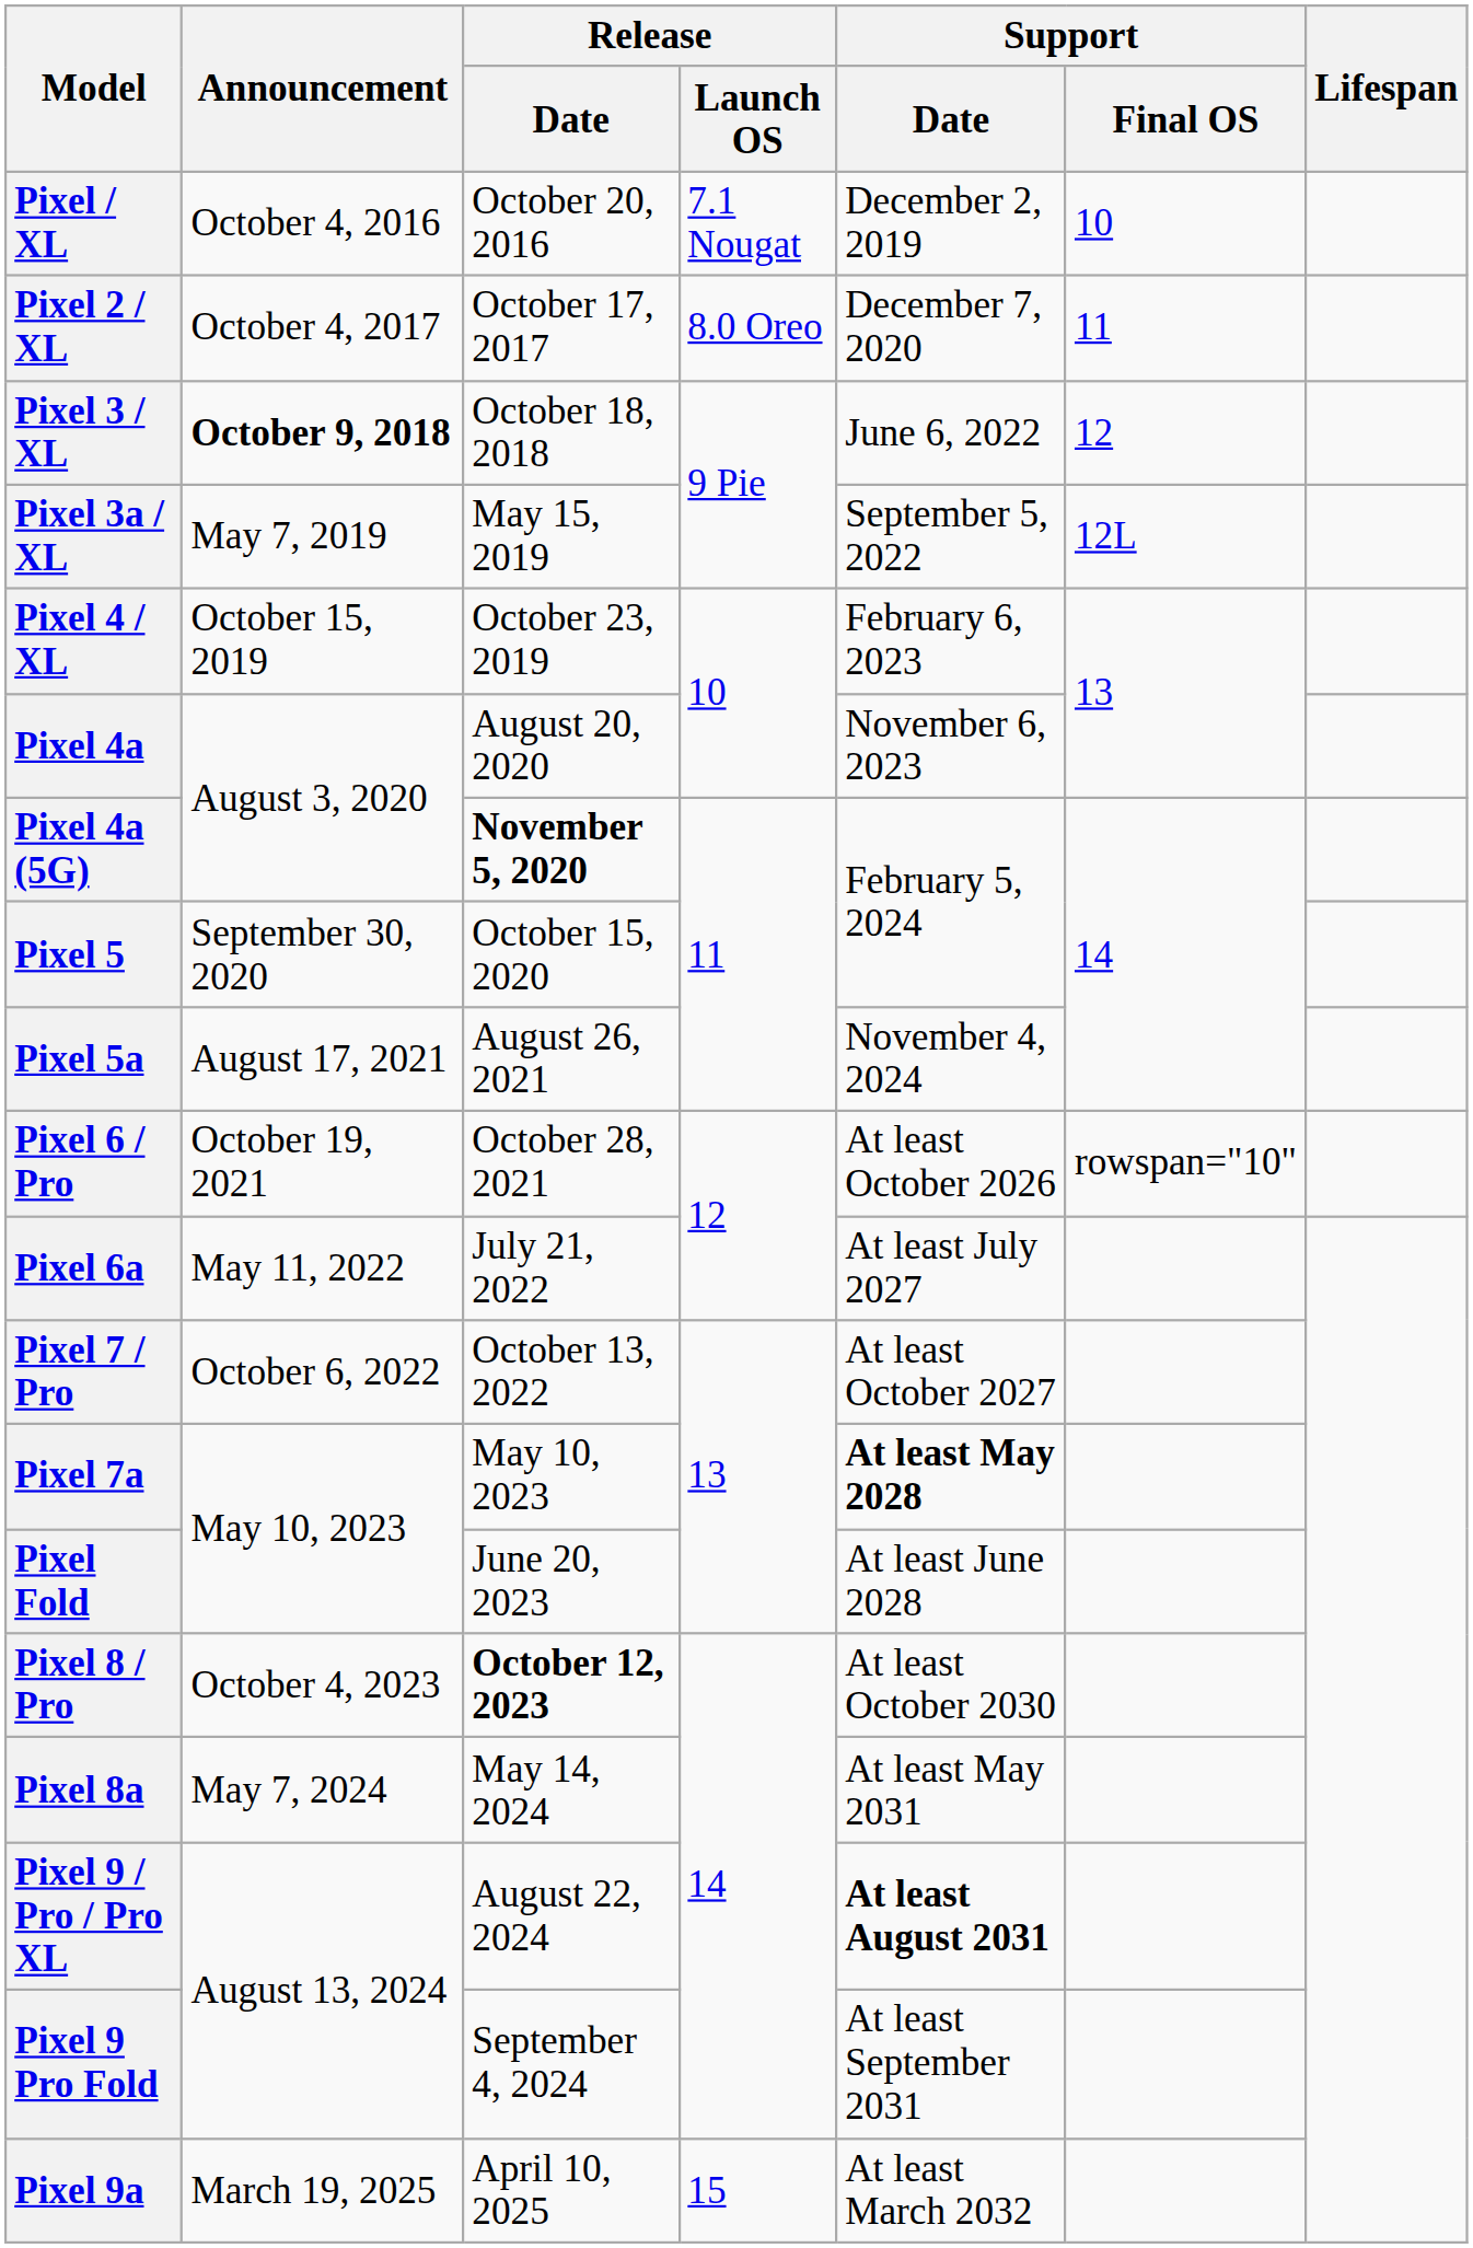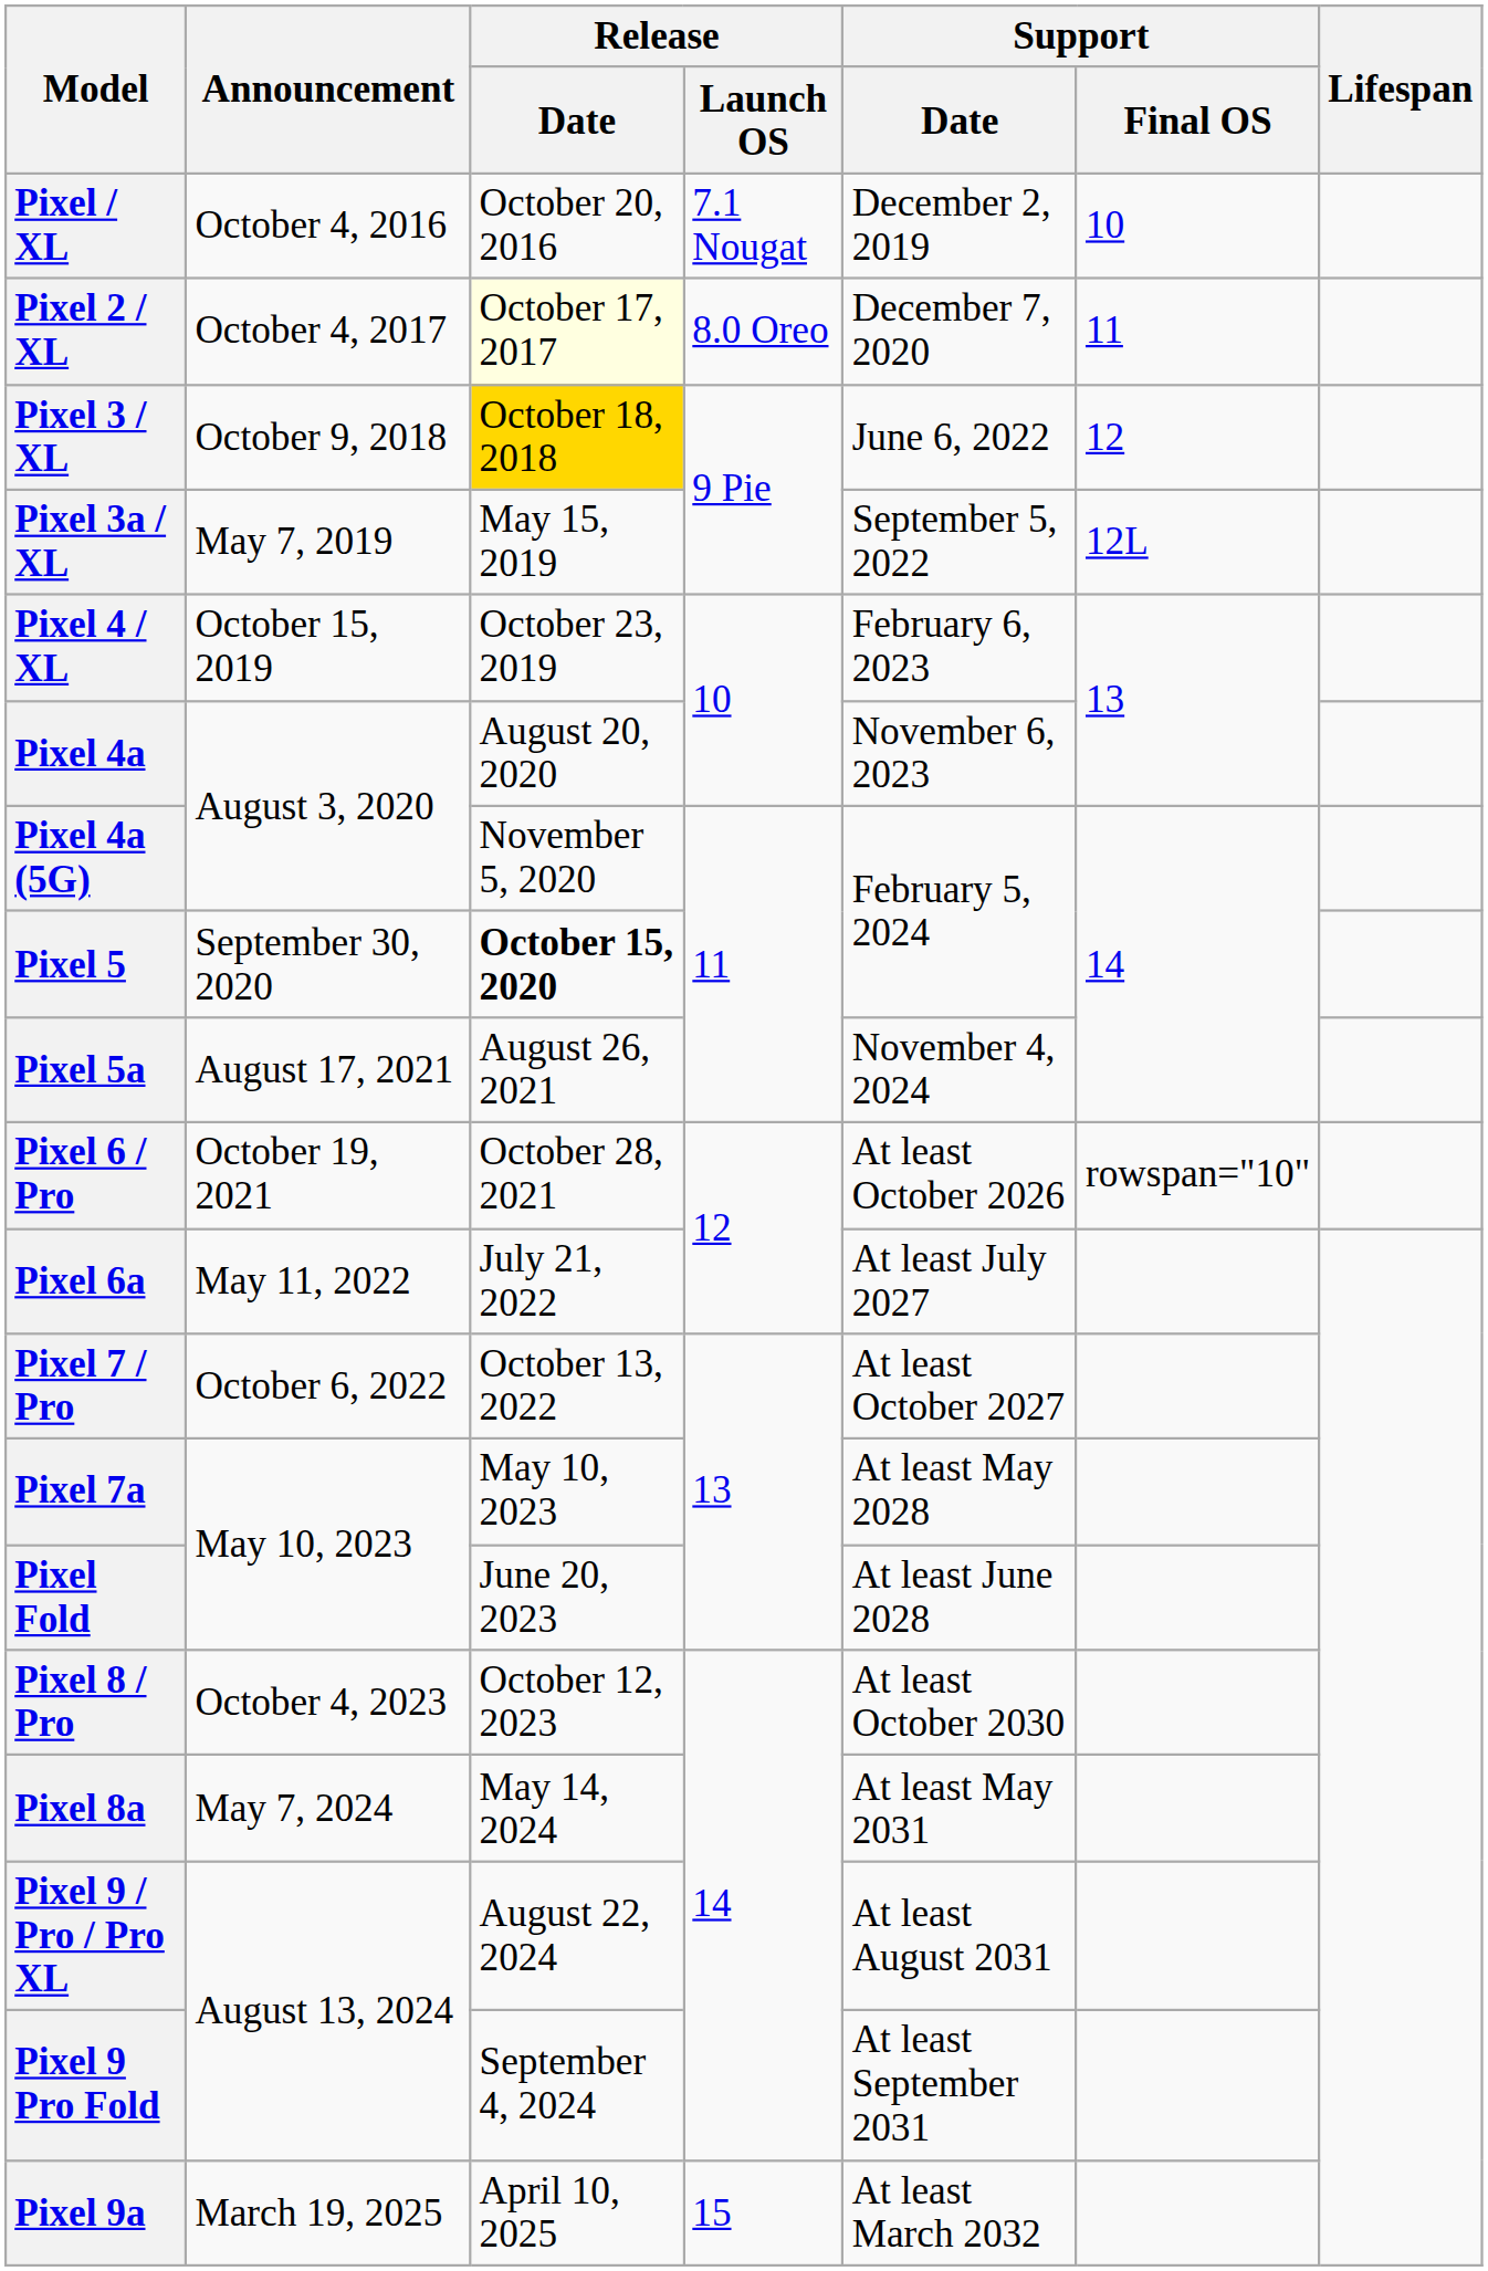 <table class="wikitable">
 <tr>
 <th rowspan="2">Model</th>
 <th rowspan="2">Announcement</th>
 <th colspan="2">Release</th>
 <th colspan="2">Support</th>
 <th rowspan="2">Lifespan</th>
 </tr>
 <tr>
 <th>Date</th>
 <th>Launch OS</th>
 <th>Date</th>
 <th>Final OS</th>
 </tr>
 <tr>
 <th style="text-align: left"><a href='#'>Pixel / XL</a></th>
 <td>October 4, 2016</td>
 <td>October 20, 2016</td>
 <td><a href='#'>7.1 Nougat</a></td>
 <td>December 2, 2019</td>
 <td><a href='#'>10</a></td>
 <td></td>
 </tr>
 <tr>
 <th style="text-align: left"><a href='#'>Pixel 2 / XL</a></th>
 <td>October 4, 2017</td>
-<td>October 17, 2017</td>
+<td style="background: lightyellow;">October 17, 2017</td>
 <td><a href='#'>8.0 Oreo</a></td>
 <td>December 7, 2020</td>
 <td><a href='#'>11</a></td>
 <td></td>
 </tr>
 <tr>
 <th style="text-align: left"><a href='#'>Pixel 3 / XL</a></th>
-<td><strong>October 9, 2018</strong></td>
-<td>October 18, 2018</td>
+<td>October 9, 2018</td>
+<td style="background: gold;">October 18, 2018</td>
 <td rowspan="2"><a href='#'>9 Pie</a></td>
 <td>June 6, 2022</td>
 <td><a href='#'>12</a></td>
 <td></td>
 </tr>
 <tr>
 <th style="text-align: left"><a href='#'>Pixel 3a / XL</a></th>
 <td>May 7, 2019</td>
 <td>May 15, 2019</td>
 <td>September 5, 2022</td>
 <td><a href='#'>12L</a></td>
 <td></td>
 </tr>
 <tr>
 <th style="text-align: left"><a href='#'>Pixel 4 / XL</a></th>
 <td>October 15, 2019</td>
 <td>October 23, 2019</td>
 <td rowspan="2"><a href='#'>10</a></td>
 <td>February 6, 2023</td>
 <td rowspan="2"><a href='#'>13</a></td>
 <td></td>
 </tr>
 <tr>
 <th style="text-align: left"><a href='#'>Pixel 4a</a></th>
 <td rowspan="2">August 3, 2020</td>
 <td>August 20, 2020</td>
 <td>November 6, 2023</td>
 <td></td>
 </tr>
 <tr>
 <th style="text-align: left"><a href='#'>Pixel 4a (5G)</a></th>
-<td><strong>November 5, 2020</strong></td>
+<td>November 5, 2020</td>
 <td rowspan="3"><a href='#'>11</a></td>
 <td rowspan="2">February 5, 2024</td>
 <td rowspan="3"><a href='#'>14</a></td>
 <td></td>
 </tr>
 <tr>
 <th style="text-align: left"><a href='#'>Pixel 5</a></th>
 <td>September 30, 2020</td>
-<td>October 15, 2020</td>
+<td><strong>October 15, 2020</strong></td>
 <td></td>
 </tr>
 <tr>
 <th style="text-align: left"><a href='#'>Pixel 5a</a></th>
 <td>August 17, 2021</td>
 <td>August 26, 2021</td>
 <td>November 4, 2024</td>
 <td></td>
 </tr>
 <tr>
 <th style="text-align: left"><a href='#'>Pixel 6 / Pro</a></th>
 <td>October 19, 2021</td>
 <td>October 28, 2021</td>
 <td rowspan="2"><a href='#'>12</a></td>
 <td>At least October 2026</td>
 <td>rowspan="10" </td>
 <td></td>
 </tr>
 <tr>
 <th style="text-align: left"><a href='#'>Pixel 6a</a></th>
 <td>May 11, 2022</td>
 <td>July 21, 2022</td>
 <td>At least July 2027</td>
 <td></td>
 </tr>
 <tr>
 <th style="text-align: left"><a href='#'>Pixel 7 / Pro</a></th>
 <td>October 6, 2022</td>
 <td>October 13, 2022</td>
 <td rowspan="3"><a href='#'>13</a></td>
 <td>At least October 2027</td>
 <td></td>
 </tr>
 <tr>
 <th style="text-align: left"><a href='#'>Pixel 7a</a></th>
 <td rowspan="2">May 10, 2023</td>
 <td>May 10, 2023</td>
-<td><strong>At least May 2028</strong></td>
+<td>At least May 2028</td>
 <td></td>
 </tr>
 <tr>
 <th style="text-align: left"><a href='#'>Pixel Fold</a></th>
 <td>June 20, 2023</td>
 <td>At least June 2028</td>
 <td></td>
 </tr>
 <tr>
 <th style="text-align: left"><a href='#'>Pixel 8 / Pro</a></th>
 <td>October 4, 2023</td>
-<td><strong>October 12, 2023</strong></td>
+<td>October 12, 2023</td>
 <td rowspan="4"><a href='#'>14</a></td>
 <td>At least October 2030</td>
 <td></td>
 </tr>
 <tr>
 <th style="text-align: left"><a href='#'>Pixel 8a</a></th>
 <td>May 7, 2024</td>
 <td>May 14, 2024</td>
 <td>At least May 2031</td>
 <td></td>
 </tr>
 <tr>
 <th style="text-align: left"><a href='#'>Pixel 9 / Pro / Pro XL</a></th>
 <td rowspan="2">August 13, 2024</td>
 <td>August 22, 2024</td>
-<td><strong>At least August 2031</strong></td>
+<td>At least August 2031</td>
 <td></td>
 </tr>
 <tr>
 <th style="text-align: left"><a href='#'>Pixel 9 Pro Fold</a></th>
 <td>September 4, 2024</td>
 <td>At least September 2031</td>
 <td></td>
 </tr>
 <tr>
 <th style="text-align: left"><a href='#'>Pixel 9a</a></th>
 <td>March 19, 2025</td>
 <td>April 10, 2025</td>
 <td><a href='#'>15</a></td>
 <td>At least March 2032</td>
 <td></td>
 </tr>
 </table>
